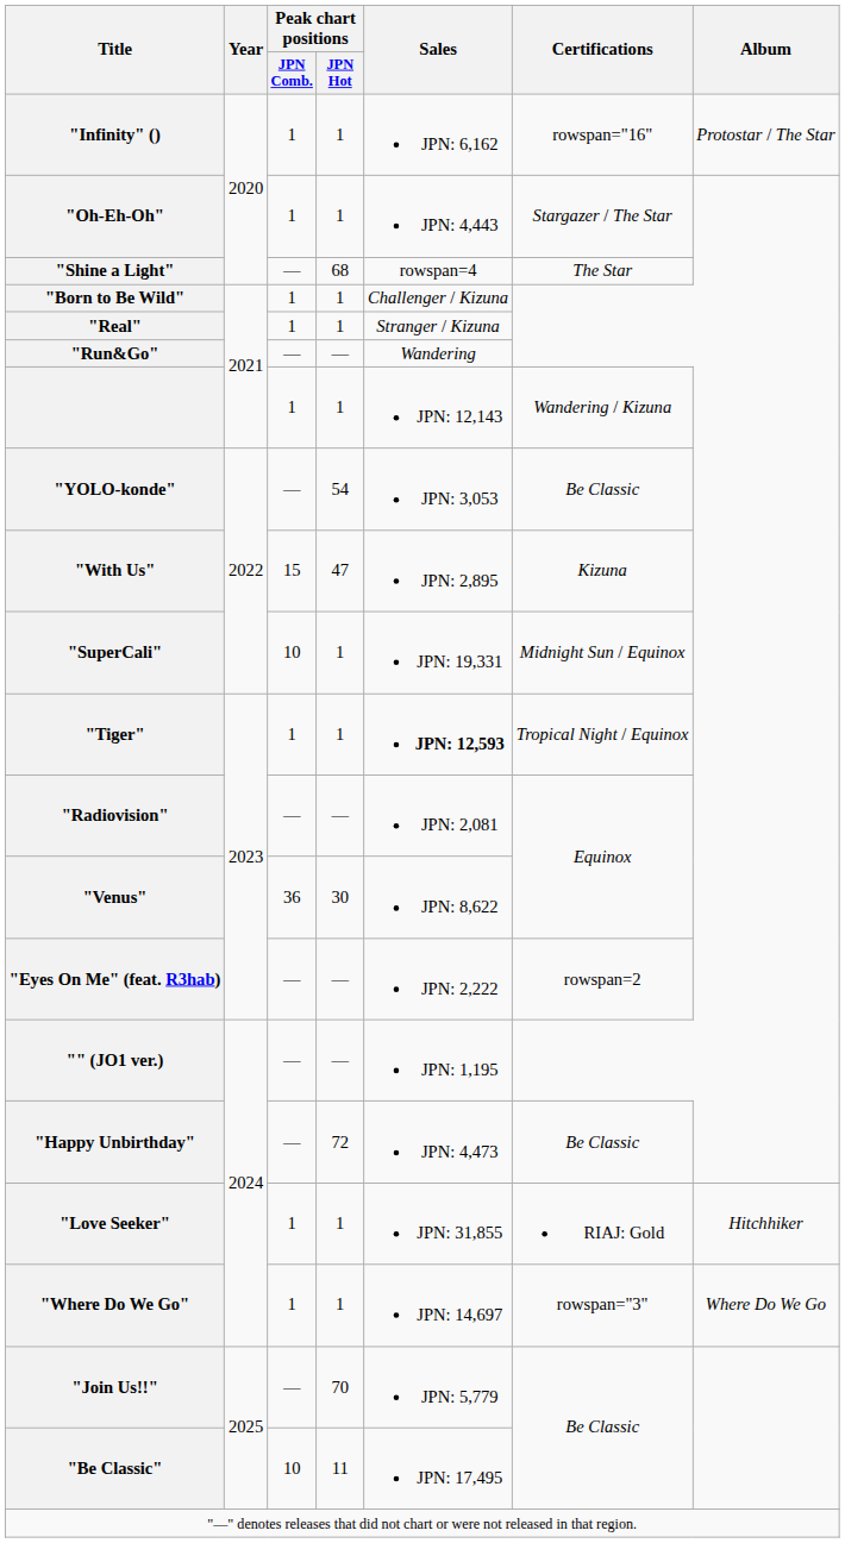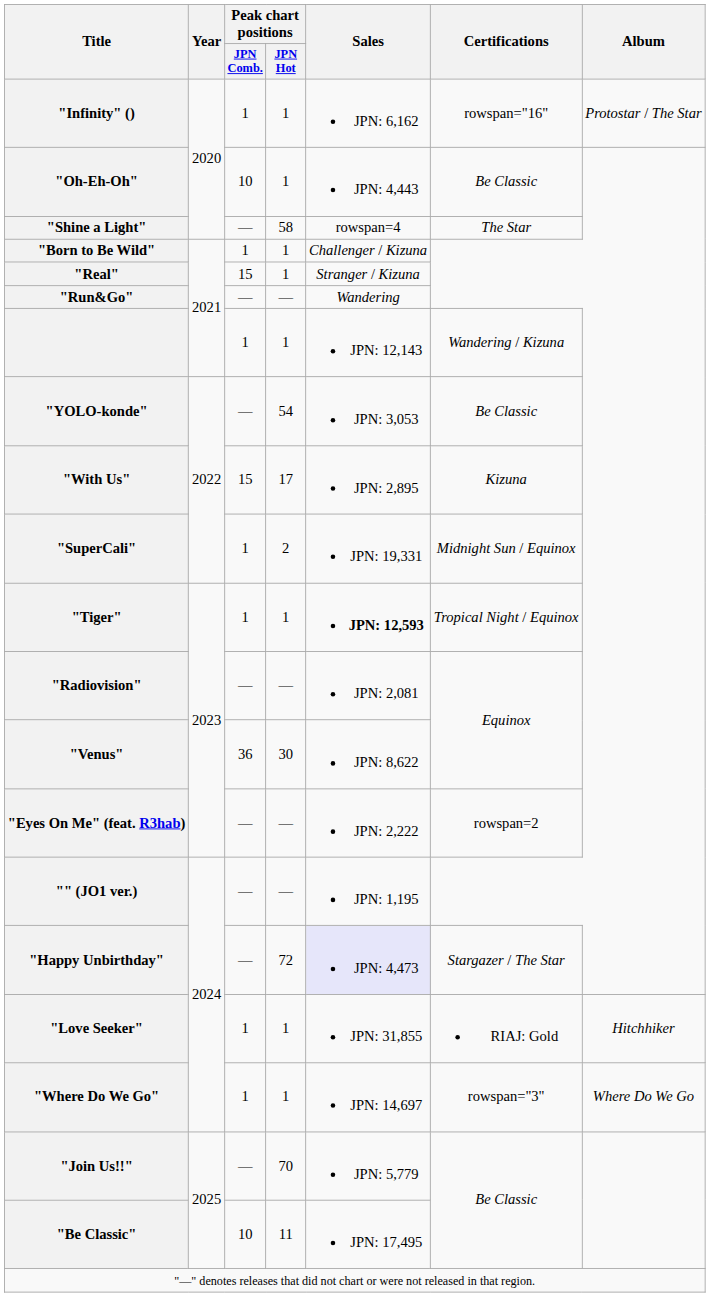 <table class="wikitable plainrowheaders" style="text-align:center;">
 <tr>
 <th scope="col" rowspan="2">Title</th>
 <th scope="col" rowspan="2">Year</th>
 <th scope="col" colspan="2">Peak chart positions</th>
 <th scope="col" rowspan="2">Sales</th>
 <th scope="col" rowspan="2">Certifications</th>
 <th scope="col" rowspan="2">Album</th>
 </tr>
 <tr>
 <th scope="col" style="width:2.75em;font-size:85%;"><a href='#'>JPN<br>Comb.</a><br></th>
 <th scope="col" style="width:2.75em;font-size:85%;"><a href='#'>JPN<br>Hot</a><br></th>
 </tr>
 <tr>
 <th scope="row">"Infinity" ()</th>
 <td rowspan="3">2020</td>
 <td>1</td>
 <td>1</td>
 <td><br><ul><li>JPN: 6,162</li></ul></td>
 <td>rowspan="16" </td>
 <td style="text-align:center;"><em>Protostar</em>  / <em>The Star</em></td>
 </tr>
 <tr>
 <th scope="row">"Oh-Eh-Oh"</th>
-<td>1</td>
+<td>10</td>
 <td>1</td>
 <td><br><ul><li>JPN: 4,443</li></ul></td>
-<td style="text-align:center;"><em>Stargazer</em>  / <em>The Star</em></td>
+<td><em>Be Classic</em></td>
 </tr>
 <tr>
 <th scope="row">"Shine a Light"</th>
 <td>—</td>
-<td>68</td>
+<td>58</td>
 <td>rowspan=4 </td>
 <td style="text-align:center;"><em>The Star</em></td>
 </tr>
 <tr>
 <th scope="row">"Born to Be Wild"</th>
 <td rowspan=4>2021</td>
 <td>1</td>
 <td>1</td>
 <td style="text-align:center;"><em>Challenger</em>  / <em>Kizuna</em></td>
 </tr>
 <tr>
 <th scope="row">"Real"</th>
-<td>1</td>
+<td>15</td>
 <td>1</td>
 <td style="text-align:center;"><em>Stranger</em>  / <em>Kizuna</em></td>
 </tr>
 <tr>
 <th scope="row">"Run&Go"</th>
 <td>—</td>
 <td>—</td>
 <td style="text-align:center;"><em>Wandering</em> </td>
 </tr>
 <tr>
 <th scope="row"></th>
 <td>1</td>
 <td>1</td>
 <td><br><ul><li>JPN: 12,143</li></ul></td>
 <td style="text-align:center;"><em>Wandering</em>  / <em>Kizuna</em></td>
 </tr>
 <tr>
 <th scope="row">"YOLO-konde"</th>
 <td rowspan="3">2022</td>
 <td>—</td>
 <td>54</td>
 <td><br><ul><li>JPN: 3,053</li></ul></td>
 <td><em>Be Classic</em></td>
 </tr>
 <tr>
 <th scope="row">"With Us"</th>
 <td>15</td>
-<td>47</td>
+<td>17</td>
 <td><br><ul><li>JPN: 2,895</li></ul></td>
 <td style="text-align:center;"><em>Kizuna</em></td>
 </tr>
 <tr>
 <th scope="row">"SuperCali"</th>
-<td>10</td>
 <td>1</td>
+<td>2</td>
 <td><br><ul><li>JPN: 19,331</li></ul></td>
 <td><em>Midnight Sun</em>  / <em>Equinox</em></td>
 </tr>
 <tr>
 <th scope="row">"Tiger"</th>
 <td rowspan=4>2023</td>
 <td>1</td>
 <td>1</td>
 <td><strong><br><ul><li>JPN: 12,593</li></ul></strong></td>
 <td><em>Tropical Night</em>  / <em>Equinox</em></td>
 </tr>
 <tr>
 <th scope="row">"Radiovision"</th>
 <td>—</td>
 <td>—</td>
 <td><br><ul><li>JPN: 2,081</li></ul></td>
 <td rowspan=2><em>Equinox</em></td>
 </tr>
 <tr>
 <th scope="row">"Venus"</th>
 <td>36</td>
 <td>30</td>
 <td><br><ul><li>JPN: 8,622</li></ul></td>
 </tr>
 <tr>
 <th scope="row">"Eyes On Me" (feat. <a href='#'>R3hab</a>)</th>
 <td>—</td>
 <td>—</td>
 <td><br><ul><li>JPN: 2,222</li></ul></td>
 <td>rowspan=2 </td>
 </tr>
 <tr>
 <th scope="row">"" (JO1 ver.)</th>
 <td rowspan=4>2024</td>
 <td>—</td>
 <td>—</td>
 <td><br><ul><li>JPN: 1,195</li></ul></td>
 </tr>
 <tr>
 <th scope="row">"Happy Unbirthday"</th>
 <td>—</td>
 <td>72</td>
-<td><br><ul><li>JPN: 4,473</li></ul></td>
-<td><em>Be Classic</em></td>
+<td style="background: lavender;"><br><ul><li>JPN: 4,473</li></ul></td>
+<td style="text-align:center;"><em>Stargazer</em>  / <em>The Star</em></td>
 </tr>
 <tr>
 <th scope="row">"Love Seeker"</th>
 <td>1</td>
 <td>1</td>
 <td><br><ul><li>JPN: 31,855</li></ul></td>
 <td><br><ul><li>RIAJ: Gold </li></ul></td>
 <td><em>Hitchhiker</em> </td>
 </tr>
 <tr>
 <th scope="row">"Where Do We Go"</th>
 <td>1</td>
 <td>1</td>
 <td><br><ul><li>JPN: 14,697</li></ul></td>
 <td>rowspan="3" </td>
 <td><em>Where Do We Go</em> </td>
 </tr>
 <tr>
 <th scope="row">"Join Us!&excl;"</th>
 <td rowspan=2>2025</td>
 <td>—</td>
 <td>70</td>
 <td><br><ul><li>JPN: 5,779</li></ul></td>
 <td rowspan=2><em>Be Classic</em></td>
 </tr>
 <tr>
 <th scope="row">"Be Classic"</th>
 <td>10</td>
 <td>11</td>
 <td><br><ul><li>JPN: 17,495</li></ul></td>
 </tr>
 <tr>
 <td colspan="7"><small>"—" denotes releases that did not chart or were not released in that region.</small></td>
 </tr>
 </table>
